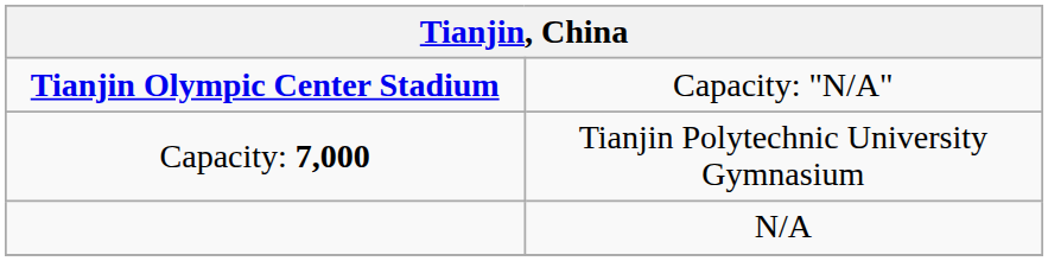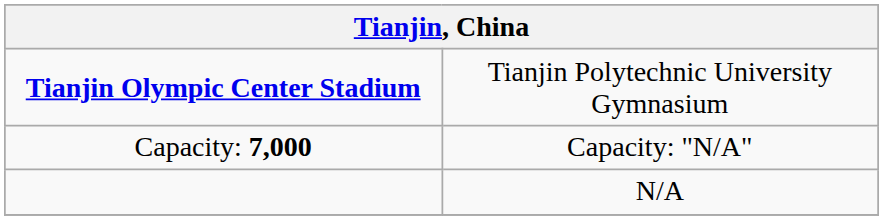 <table class=wikitable style=text-align:center width=500>
 <tr>
 <th colspan="2"><a href='#'>Tianjin</a>, China</th>
 </tr>
 <tr>
 <td width=50%><strong><a href='#'>Tianjin Olympic Center Stadium</a></strong></td>
-<td>Capacity: "N/A"</td>
+<td width=50%>Tianjin Polytechnic University Gymnasium</td>
 </tr>
 <tr>
 <td>Capacity: <strong>7,000</strong></td>
-<td width=50%>Tianjin Polytechnic University Gymnasium</td>
+<td>Capacity: "N/A"</td>
 </tr>
 <tr>
 <td></td>
 <td>N/A</td>
 </tr>
 <tr>
 </tr>
 </table>
